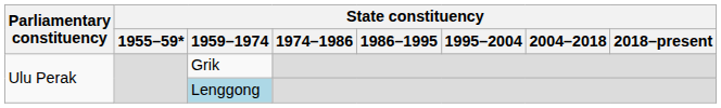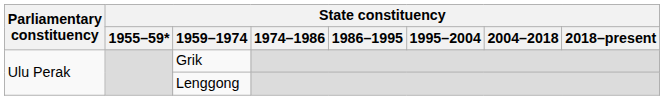 <table class="wikitable">
 <tr>
 <th rowspan="2">Parliamentary<br>constituency</th>
 <th colspan="7">State constituency</th>
 </tr>
 <tr>
 <th>1955–59*</th>
 <th>1959–1974</th>
 <th>1974–1986</th>
 <th>1986–1995</th>
 <th>1995–2004</th>
 <th>2004–2018</th>
 <th>2018–present</th>
 </tr>
 <tr>
 <td rowspan="2">Ulu Perak</td>
 <td rowspan="2" bgcolor="dcdcdc"></td>
 <td>Grik</td>
 <td colspan="5" bgcolor="dcdcdc"></td>
 </tr>
 <tr>
-<td style="background: lightblue;">Lenggong</td>
+<td>Lenggong</td>
 <td colspan="5" bgcolor="dcdcdc"></td>
 </tr>
 </table>
